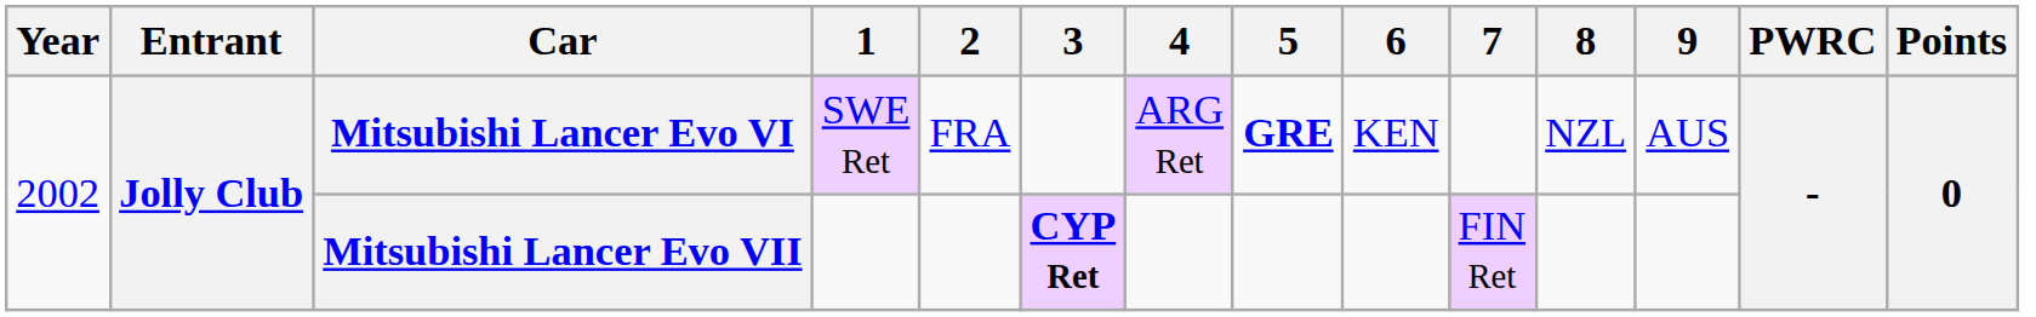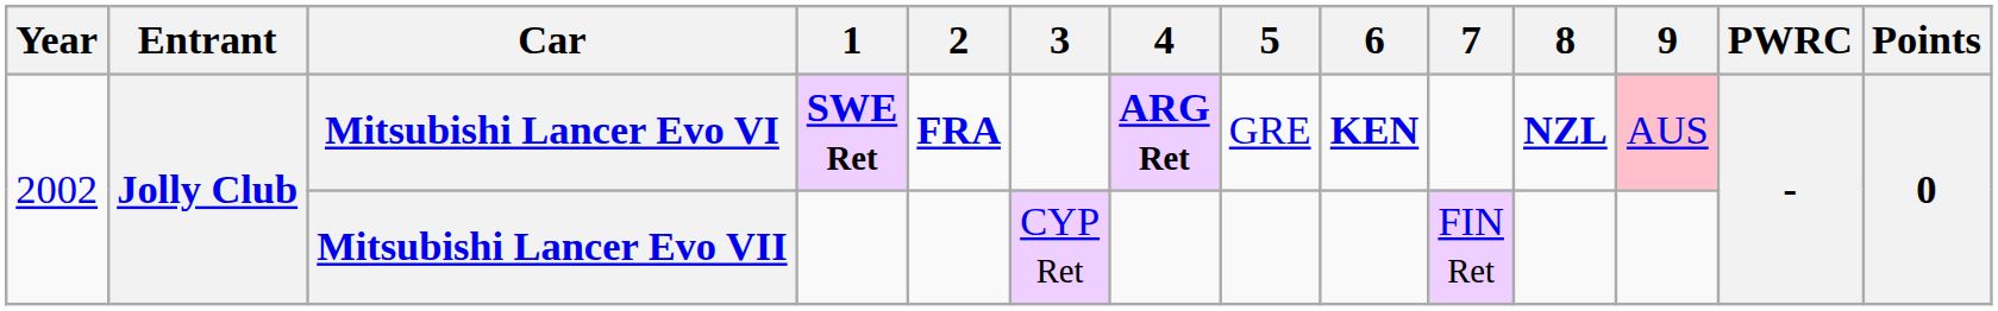 <table class="wikitable" border="1" style="text-align:center; font-size:90%;">
 <tr>
 <th>Year</th>
 <th>Entrant</th>
 <th>Car</th>
 <th>1</th>
 <th>2</th>
 <th>3</th>
 <th>4</th>
 <th>5</th>
 <th>6</th>
 <th>7</th>
 <th>8</th>
 <th>9</th>
 <th>PWRC</th>
 <th>Points</th>
 </tr>
 <tr>
 <td rowspan="2"><a href='#'>2002</a></td>
 <th rowspan="2"><a href='#'>Jolly Club</a></th>
 <th><a href='#'>Mitsubishi Lancer Evo VI</a></th>
-<td style="background:#EFCFFF;"><a href='#'>SWE</a><br><small>Ret</small></td>
-<td><a href='#'>FRA</a></td>
+<td style="background:#EFCFFF;"><strong><a href='#'>SWE</a><br><small>Ret</small></strong></td>
+<td><strong><a href='#'>FRA</a></strong></td>
 <td></td>
-<td style="background:#EFCFFF;"><a href='#'>ARG</a><br><small>Ret</small></td>
-<td><strong><a href='#'>GRE</a></strong></td>
-<td><a href='#'>KEN</a></td>
+<td style="background:#EFCFFF;"><strong><a href='#'>ARG</a><br><small>Ret</small></strong></td>
+<td><a href='#'>GRE</a></td>
+<td><strong><a href='#'>KEN</a></strong></td>
 <td></td>
-<td><a href='#'>NZL</a></td>
-<td><a href='#'>AUS</a></td>
+<td><strong><a href='#'>NZL</a></strong></td>
+<td style="background: pink;"><a href='#'>AUS</a></td>
 <th rowspan="2">-</th>
 <th rowspan="2">0</th>
 </tr>
 <tr>
 <th><a href='#'>Mitsubishi Lancer Evo VII</a></th>
 <td></td>
 <td></td>
-<td style="background:#EFCFFF;"><strong><a href='#'>CYP</a><br><small>Ret</small></strong></td>
+<td style="background:#EFCFFF;"><a href='#'>CYP</a><br><small>Ret</small></td>
 <td></td>
 <td></td>
 <td></td>
 <td style="background:#EFCFFF;"><a href='#'>FIN</a><br><small>Ret</small></td>
 <td></td>
 <td></td>
 </tr>
 </table>
